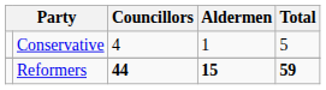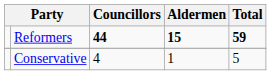 <table class="wikitable">
 <tr>
 <th colspan="2">Party</th>
 <th>Councillors</th>
 <th>Aldermen</th>
 <th>Total</th>
 </tr>
 <tr>
 <td style="background-color: "></td>
+<td><a href='#'>Reformers</a></td>
+<td><strong>44</strong></td>
+<td><strong>15</strong></td>
+<td><strong>59</strong></td>
+</tr>
+<tr>
+</tr>
+<tr>
+<td style="background-color: "></td>
 <td><a href='#'>Conservative</a></td>
 <td>4</td>
 <td>1</td>
 <td>5</td>
 </tr>
-<tr>
-</tr>
-<tr>
-<td style="background-color: "></td>
-<td><a href='#'>Reformers</a></td>
-<td><strong>44</strong></td>
-<td><strong>15</strong></td>
-<td><strong>59</strong></td>
-</tr>
 </table>
